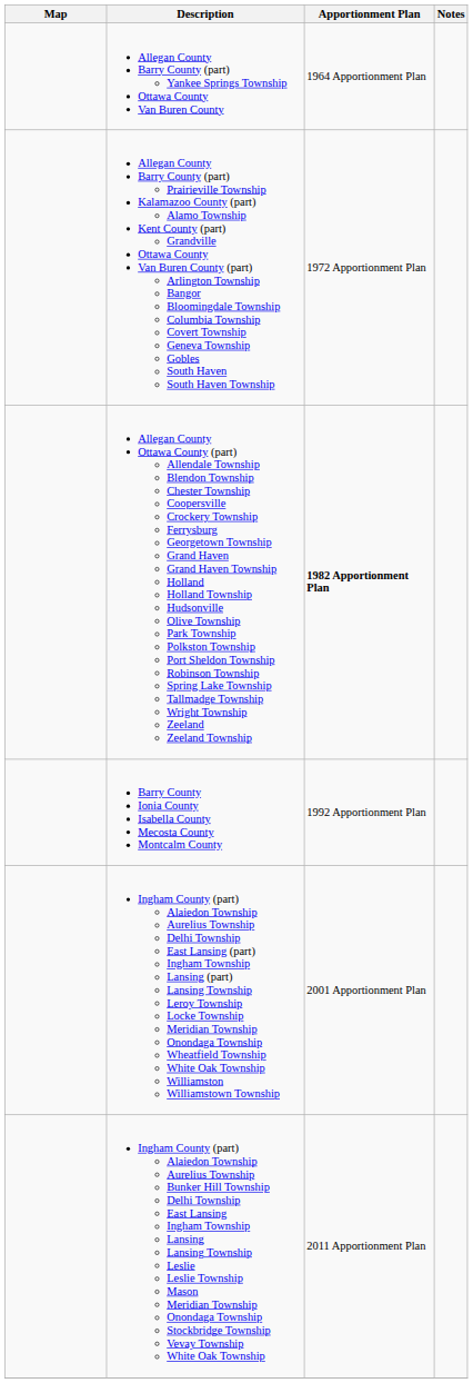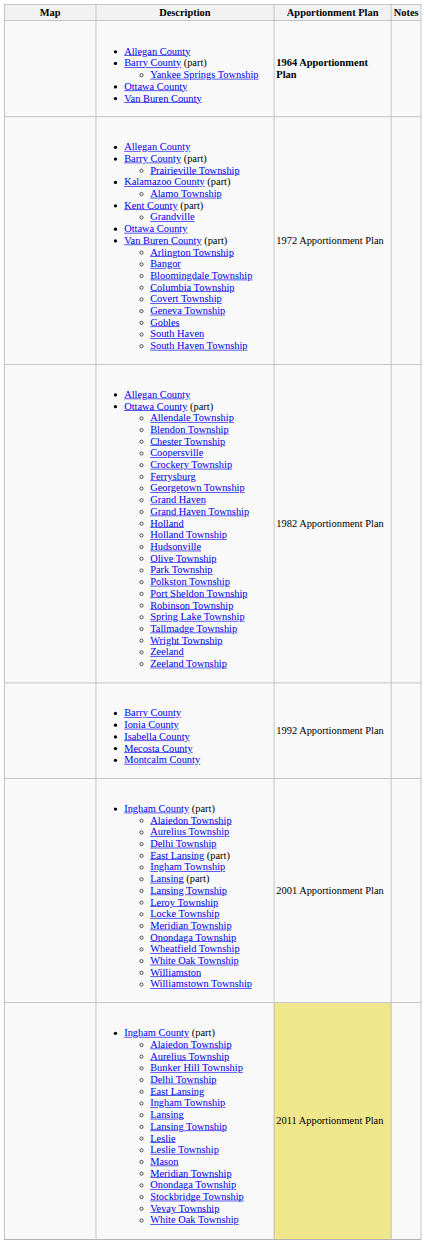 <table class="wikitable sortable">
 <tr>
 <th style="width:100pt;">Map</th>
 <th style="width:200pt;">Description</th>
 <th style="width:130pt;">Apportionment Plan</th>
 <th style="width:15pt;">Notes</th>
 </tr>
 <tr>
 <td></td>
 <td><br><ul><li><a href='#'>Allegan County</a></li><li><a href='#'>Barry County</a> (part)<ul><li><a href='#'>Yankee Springs Township</a></li></ul></li><li><a href='#'>Ottawa County</a></li><li><a href='#'>Van Buren County</a></li></ul></td>
-<td>1964 Apportionment Plan</td>
+<td><strong>1964 Apportionment Plan</strong></td>
 <td></td>
 </tr>
 <tr>
 <td></td>
 <td><br><ul><li><a href='#'>Allegan County</a></li><li><a href='#'>Barry County</a> (part)<ul><li><a href='#'>Prairieville Township</a></li></ul></li><li><a href='#'>Kalamazoo County</a> (part)<ul><li><a href='#'>Alamo Township</a></li></ul></li><li><a href='#'>Kent County</a> (part)<ul><li><a href='#'>Grandville</a></li></ul></li><li><a href='#'>Ottawa County</a></li><li><a href='#'>Van Buren County</a> (part)<ul><li><a href='#'>Arlington Township</a></li><li><a href='#'>Bangor</a></li><li><a href='#'>Bloomingdale Township</a></li><li><a href='#'>Columbia Township</a></li><li><a href='#'>Covert Township</a></li><li><a href='#'>Geneva Township</a></li><li><a href='#'>Gobles</a></li><li><a href='#'>South Haven</a></li><li><a href='#'>South Haven Township</a></li></ul></li></ul></td>
 <td>1972 Apportionment Plan</td>
 <td></td>
 </tr>
 <tr>
 <td></td>
 <td><br><ul><li><a href='#'>Allegan County</a></li><li><a href='#'>Ottawa County</a> (part)<ul><li><a href='#'>Allendale Township</a></li><li><a href='#'>Blendon Township</a></li><li><a href='#'>Chester Township</a></li><li><a href='#'>Coopersville</a></li><li><a href='#'>Crockery Township</a></li><li><a href='#'>Ferrysburg</a></li><li><a href='#'>Georgetown Township</a></li><li><a href='#'>Grand Haven</a></li><li><a href='#'>Grand Haven Township</a></li><li><a href='#'>Holland</a></li><li><a href='#'>Holland Township</a></li><li><a href='#'>Hudsonville</a></li><li><a href='#'>Olive Township</a></li><li><a href='#'>Park Township</a></li><li><a href='#'>Polkston Township</a></li><li><a href='#'>Port Sheldon Township</a></li><li><a href='#'>Robinson Township</a></li><li><a href='#'>Spring Lake Township</a></li><li><a href='#'>Tallmadge Township</a></li><li><a href='#'>Wright Township</a></li><li><a href='#'>Zeeland</a></li><li><a href='#'>Zeeland Township</a></li></ul></li></ul></td>
-<td><strong>1982 Apportionment Plan</strong></td>
+<td>1982 Apportionment Plan</td>
 <td></td>
 </tr>
 <tr>
 <td></td>
 <td><br><ul><li><a href='#'>Barry County</a></li><li><a href='#'>Ionia County</a></li><li><a href='#'>Isabella County</a></li><li><a href='#'>Mecosta County</a></li><li><a href='#'>Montcalm County</a></li></ul></td>
 <td>1992 Apportionment Plan</td>
 <td></td>
 </tr>
 <tr>
 <td></td>
 <td><br><ul><li><a href='#'>Ingham County</a> (part)<ul><li><a href='#'>Alaiedon Township</a></li><li><a href='#'>Aurelius Township</a></li><li><a href='#'>Delhi Township</a></li><li><a href='#'>East Lansing</a> (part)</li><li><a href='#'>Ingham Township</a></li><li><a href='#'>Lansing</a> (part)</li><li><a href='#'>Lansing Township</a></li><li><a href='#'>Leroy Township</a></li><li><a href='#'>Locke Township</a></li><li><a href='#'>Meridian Township</a></li><li><a href='#'>Onondaga Township</a></li><li><a href='#'>Wheatfield Township</a></li><li><a href='#'>White Oak Township</a></li><li><a href='#'>Williamston</a></li><li><a href='#'>Williamstown Township</a></li></ul></li></ul></td>
 <td>2001 Apportionment Plan</td>
 <td></td>
 </tr>
 <tr>
 <td></td>
 <td><br><ul><li><a href='#'>Ingham County</a> (part)<ul><li><a href='#'>Alaiedon Township</a></li><li><a href='#'>Aurelius Township</a></li><li><a href='#'>Bunker Hill Township</a></li><li><a href='#'>Delhi Township</a></li><li><a href='#'>East Lansing</a></li><li><a href='#'>Ingham Township</a></li><li><a href='#'>Lansing</a></li><li><a href='#'>Lansing Township</a></li><li><a href='#'>Leslie</a></li><li><a href='#'>Leslie Township</a></li><li><a href='#'>Mason</a></li><li><a href='#'>Meridian Township</a></li><li><a href='#'>Onondaga Township</a></li><li><a href='#'>Stockbridge Township</a></li><li><a href='#'>Vevay Township</a></li><li><a href='#'>White Oak Township</a></li></ul></li></ul></td>
-<td>2011 Apportionment Plan</td>
+<td style="background: khaki;">2011 Apportionment Plan</td>
 <td></td>
 </tr>
 <tr>
 </tr>
 </table>
